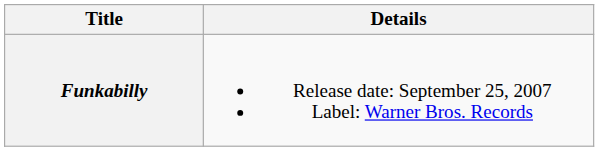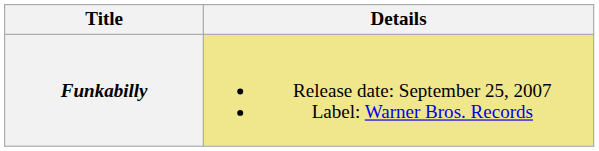 <table class="wikitable plainrowheaders" style="text-align:center;">
 <tr>
 <th style="width:10em;">Title</th>
 <th style="width:20em;">Details</th>
 </tr>
 <tr>
 <th scope="row"><em>Funkabilly</em></th>
-<td><br><ul><li>Release date: September 25, 2007</li><li>Label: <a href='#'>Warner Bros. Records</a></li></ul></td>
+<td style="background: khaki;"><br><ul><li>Release date: September 25, 2007</li><li>Label: <a href='#'>Warner Bros. Records</a></li></ul></td>
 </tr>
 </table>
